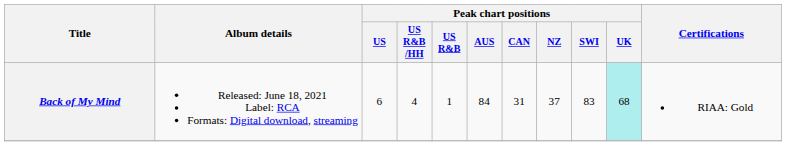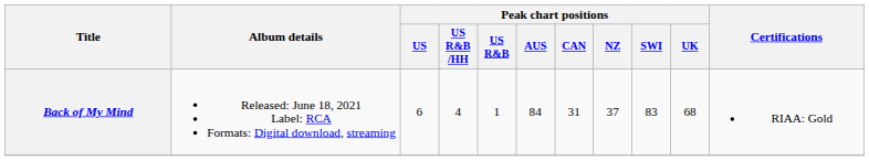 <table class="wikitable plainrowheaders" style="text-align:center;">
 <tr>
 <th scope="col" rowspan="2" style="width:13em;">Title</th>
 <th scope="col" rowspan="2" style="width:18em;">Album details</th>
 <th scope="col" colspan="8">Peak chart positions</th>
 <th scope="col" rowspan="2" style="width:12em;"><a href='#'>Certifications</a></th>
 </tr>
 <tr>
 <th scope="col" style="width:3em;font-size:90%;"><a href='#'>US</a><br></th>
 <th scope="col" style="width:3em;font-size:90%;"><a href='#'>US<br>R&B<br>/HH</a><br></th>
 <th scope="col" style="width:3em;font-size:90%;"><a href='#'>US<br>R&B</a><br></th>
 <th scope="col" style="width:3em;font-size:90%;"><a href='#'>AUS</a><br></th>
 <th scope="col" style="width:3em;font-size:90%;"><a href='#'>CAN</a><br></th>
 <th scope="col" style="width:3em;font-size:90%;"><a href='#'>NZ</a><br></th>
 <th scope="col" style="width:3em;font-size:90%;"><a href='#'>SWI</a><br></th>
 <th scope="col" style="width:3em;font-size:90%;"><a href='#'>UK</a><br></th>
 </tr>
 <tr>
 <th scope="row"><em><a href='#'>Back of My Mind</a></em></th>
 <td><br><ul><li>Released: June 18, 2021</li><li>Label: <a href='#'>RCA</a></li><li>Formats: <a href='#'>Digital download</a>, <a href='#'>streaming</a></li></ul></td>
 <td>6</td>
 <td>4</td>
 <td>1</td>
 <td>84</td>
 <td>31</td>
 <td>37</td>
 <td>83</td>
-<td style="background: paleturquoise;">68</td>
+<td>68</td>
 <td><br><ul><li>RIAA: Gold</li></ul></td>
 </tr>
 <tr>
 </tr>
 </table>
